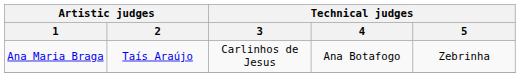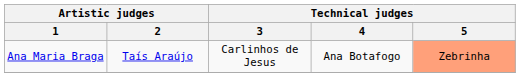 <table class="wikitable" style="font-size:100%; line-height:16px; text-align:center" width="100%">
 <tr>
 <th colspan=2>Artistic judges</th>
 <th colspan=3>Technical judges</th>
 </tr>
 <tr>
 <th width="20.0%">1</th>
 <th width="20.0%">2</th>
 <th width="20.0%">3</th>
 <th width="20.0%">4</th>
 <th width="20.0%">5</th>
 </tr>
 <tr>
 <td><a href='#'>Ana Maria Braga</a></td>
 <td><a href='#'>Taís Araújo</a></td>
 <td>Carlinhos de Jesus</td>
 <td>Ana Botafogo</td>
-<td>Zebrinha</td>
+<td style="background: lightsalmon;">Zebrinha</td>
 </tr>
 <tr>
 </tr>
 </table>
